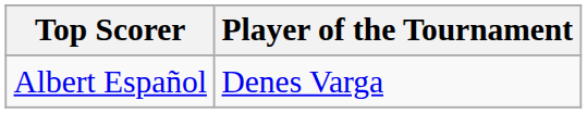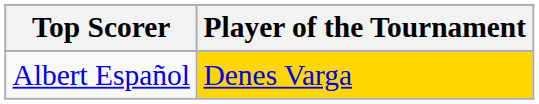 <table class=wikitable style="text-align:left; margin:auto">
 <tr>
 <th>Top Scorer</th>
 <th>Player of the Tournament</th>
 </tr>
 <tr>
 <td> <a href='#'>Albert Español</a></td>
-<td> <a href='#'>Denes Varga</a></td>
+<td style="background: gold;"> <a href='#'>Denes Varga</a></td>
 </tr>
 </table>
